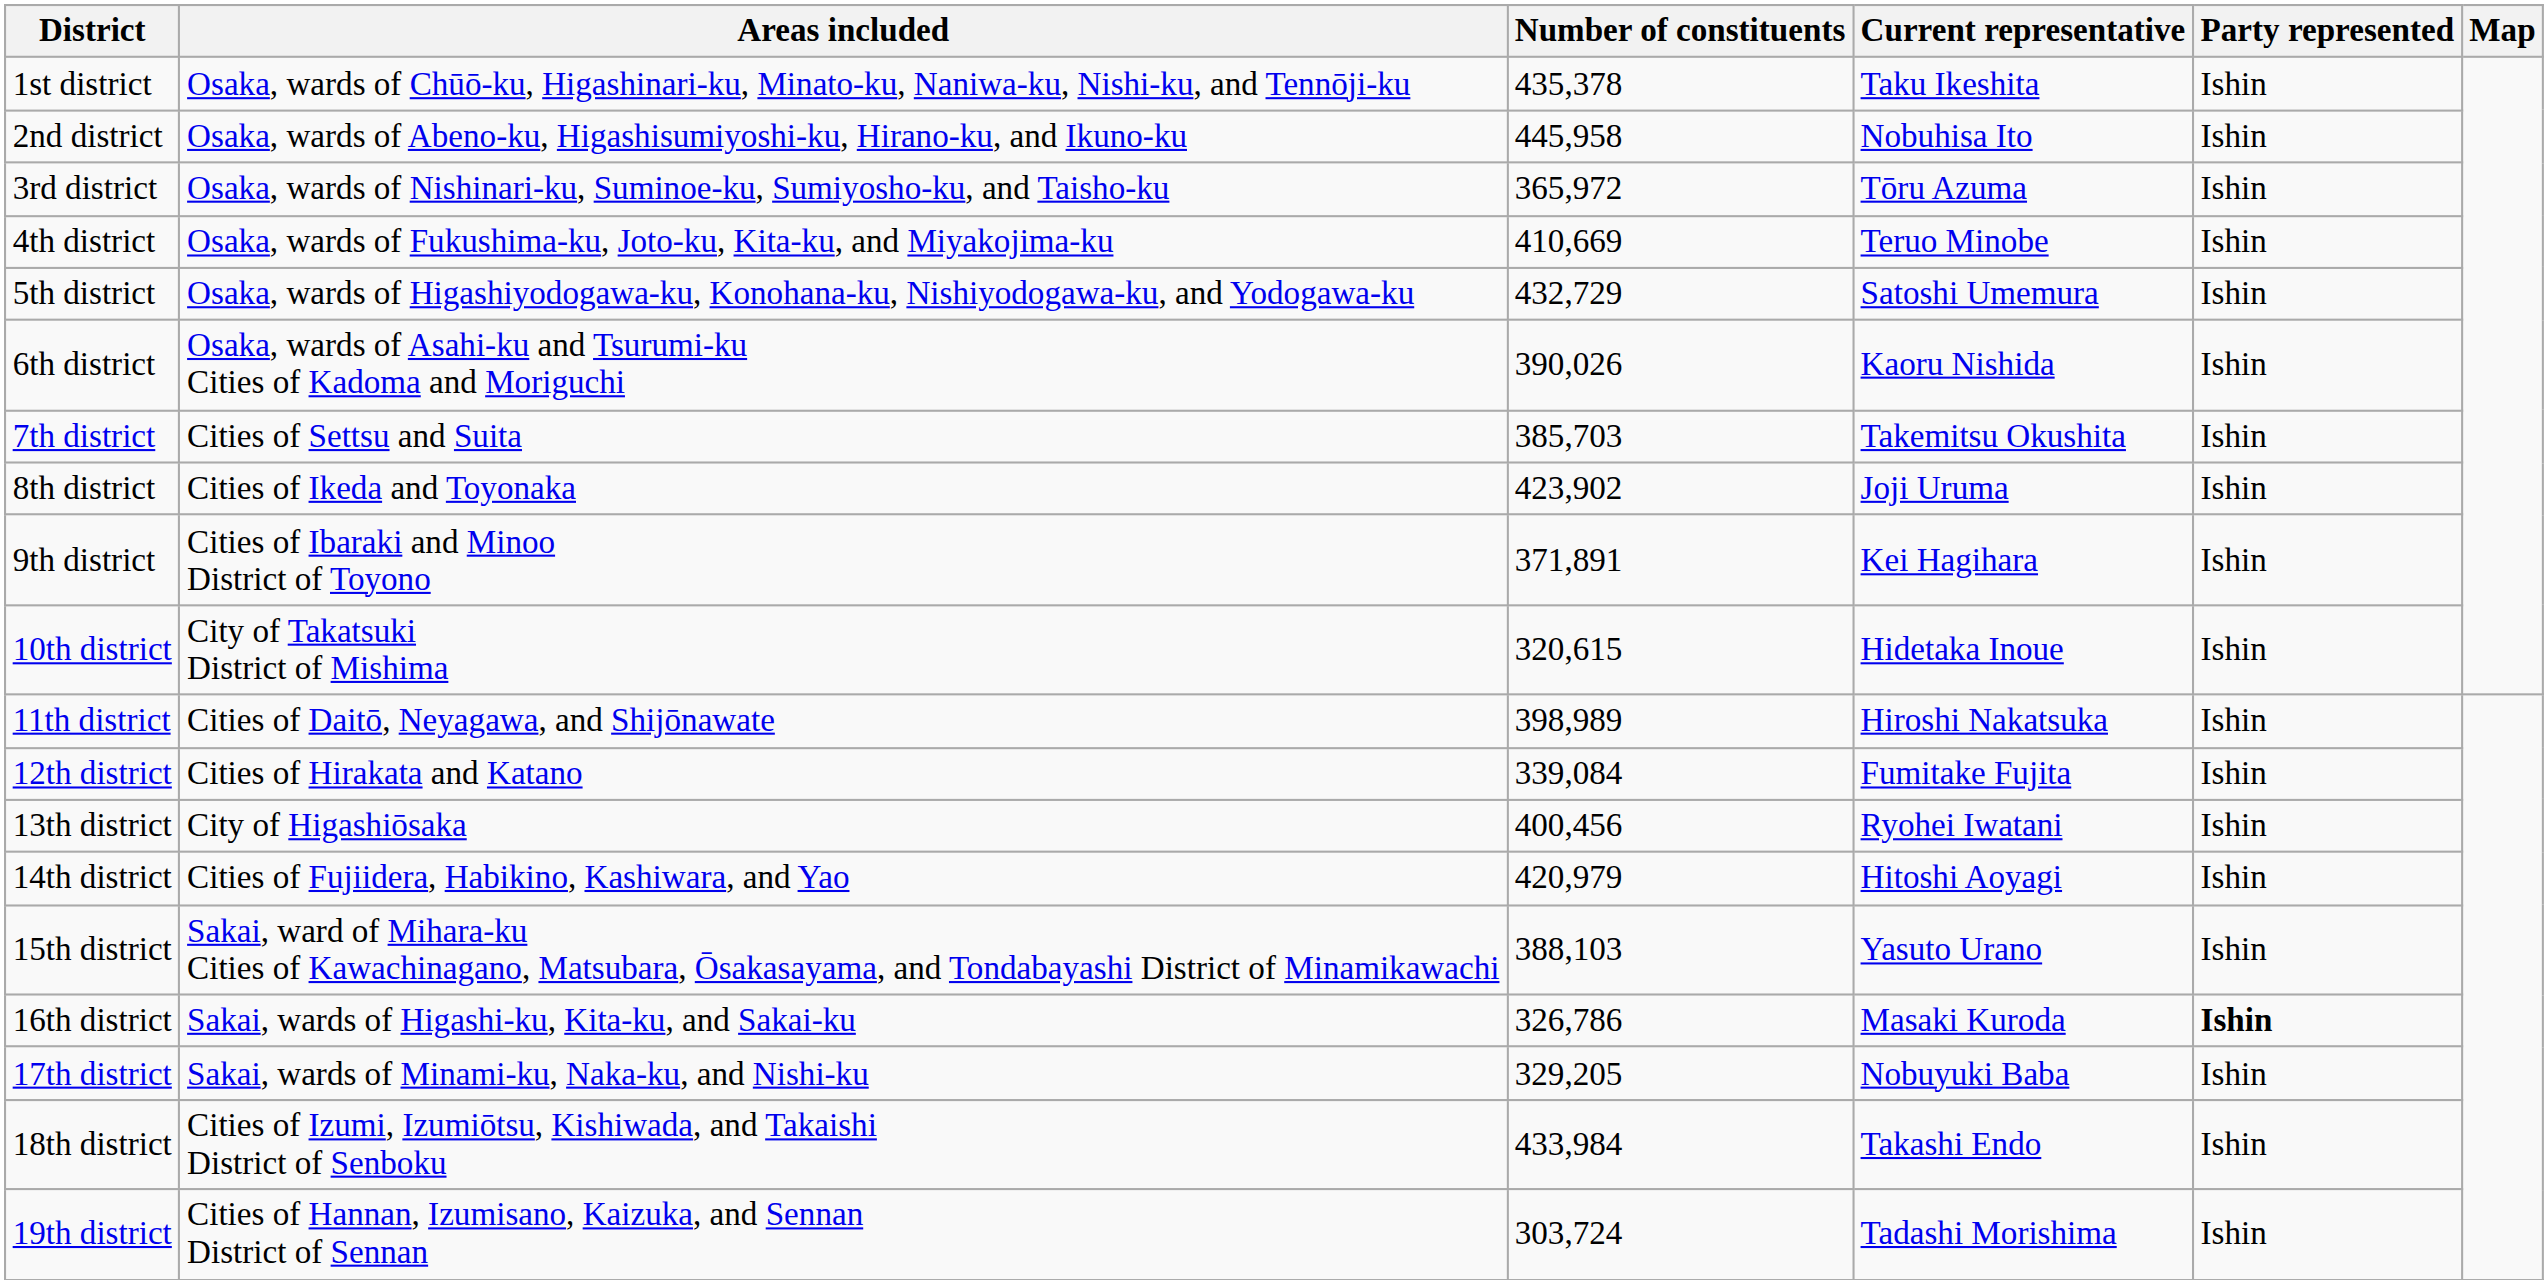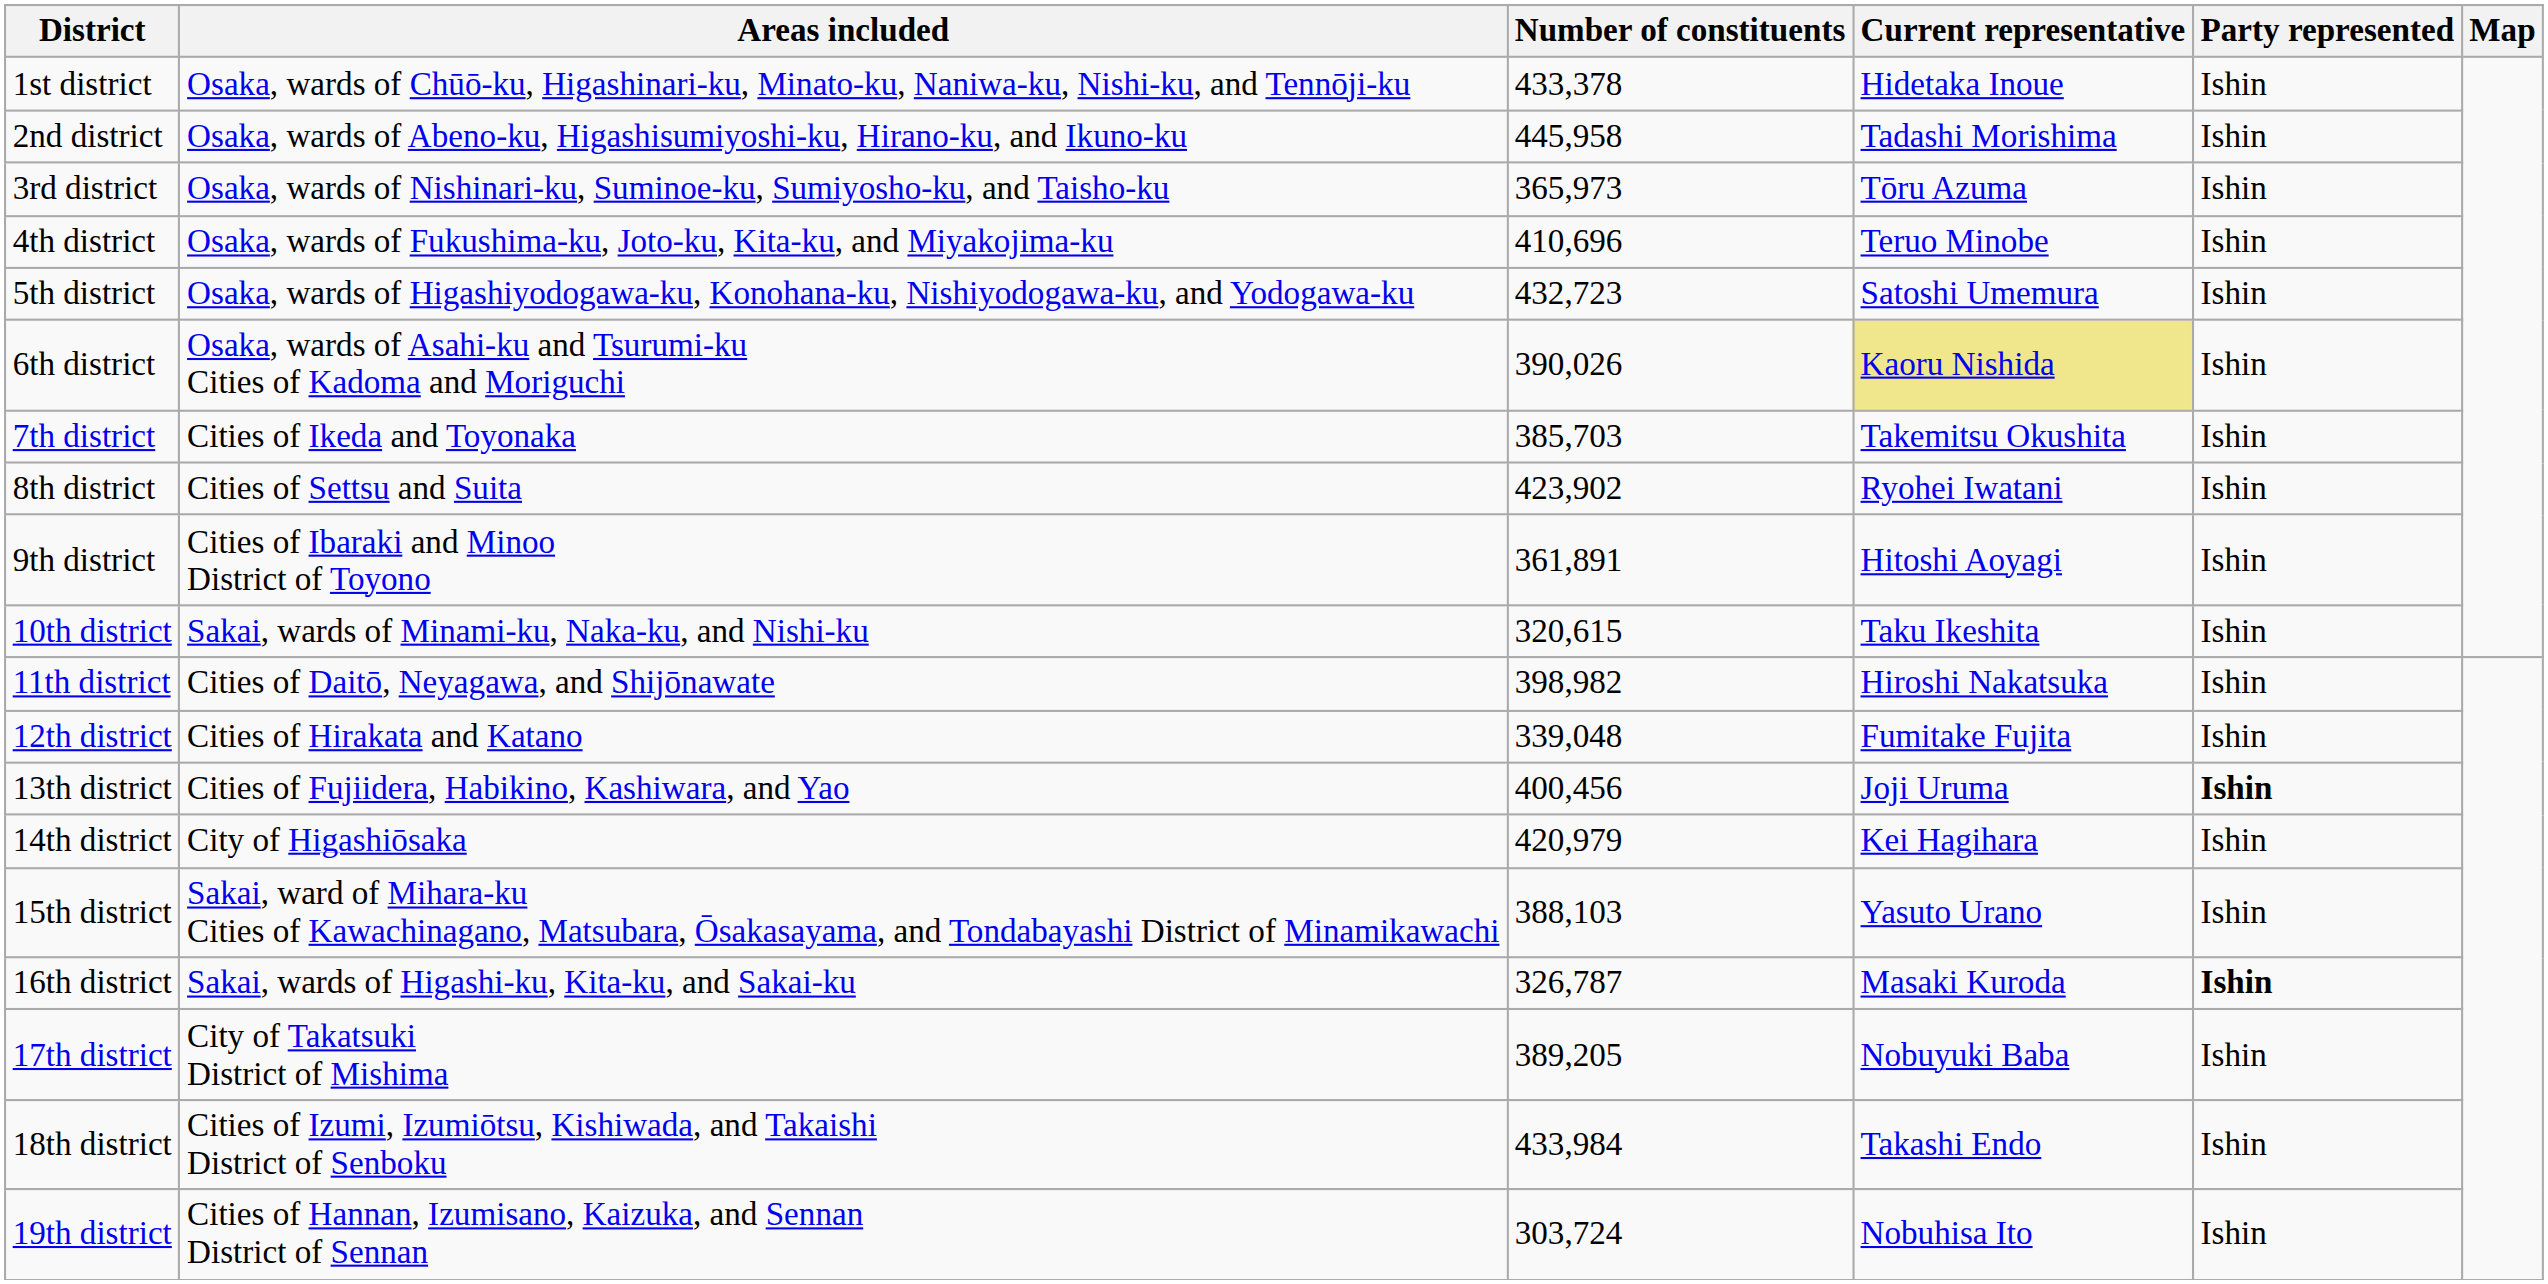 <table class="wikitable">
 <tr>
 <th>District</th>
 <th>Areas included</th>
 <th>Number of constituents</th>
 <th>Current representative</th>
 <th>Party represented</th>
 <th>Map</th>
 </tr>
 <tr>
 <td>1st district</td>
 <td><a href='#'>Osaka</a>, wards of <a href='#'>Chūō-ku</a>, <a href='#'>Higashinari-ku</a>, <a href='#'>Minato-ku</a>, <a href='#'>Naniwa-ku</a>, <a href='#'>Nishi-ku</a>, and <a href='#'>Tennōji-ku</a></td>
-<td>435,378</td>
-<td><a href='#'>Taku Ikeshita</a></td>
+<td>433,378</td>
+<td><a href='#'>Hidetaka Inoue</a></td>
 <td>Ishin</td>
 <td rowspan="10"></td>
 </tr>
 <tr>
 <td>2nd district</td>
 <td><a href='#'>Osaka</a>, wards of <a href='#'>Abeno-ku</a>, <a href='#'>Higashisumiyoshi-ku</a>, <a href='#'>Hirano-ku</a>, and <a href='#'>Ikuno-ku</a></td>
 <td>445,958</td>
-<td><a href='#'>Nobuhisa Ito</a></td>
+<td><a href='#'>Tadashi Morishima</a></td>
 <td>Ishin</td>
 </tr>
 <tr>
 <td>3rd district</td>
 <td><a href='#'>Osaka</a>, wards of <a href='#'>Nishinari-ku</a>, <a href='#'>Suminoe-ku</a>, <a href='#'>Sumiyosho-ku</a>, and <a href='#'>Taisho-ku</a></td>
-<td>365,972</td>
+<td>365,973</td>
 <td><a href='#'>Tōru Azuma</a></td>
 <td>Ishin</td>
 </tr>
 <tr>
 <td>4th district</td>
 <td><a href='#'>Osaka</a>, wards of <a href='#'>Fukushima-ku</a>, <a href='#'>Joto-ku</a>, <a href='#'>Kita-ku</a>, and <a href='#'>Miyakojima-ku</a></td>
-<td>410,669</td>
+<td>410,696</td>
 <td><a href='#'>Teruo Minobe</a></td>
 <td>Ishin</td>
 </tr>
 <tr>
 <td>5th district</td>
 <td><a href='#'>Osaka</a>, wards of <a href='#'>Higashiyodogawa-ku</a>, <a href='#'>Konohana-ku</a>, <a href='#'>Nishiyodogawa-ku</a>, and <a href='#'>Yodogawa-ku</a></td>
-<td>432,729</td>
+<td>432,723</td>
 <td><a href='#'>Satoshi Umemura</a></td>
 <td>Ishin</td>
 </tr>
 <tr>
 <td>6th district</td>
 <td><a href='#'>Osaka</a>, wards of <a href='#'>Asahi-ku</a> and <a href='#'>Tsurumi-ku</a><br>Cities of <a href='#'>Kadoma</a> and <a href='#'>Moriguchi</a></td>
 <td>390,026</td>
-<td><a href='#'>Kaoru Nishida</a></td>
+<td style="background: khaki;"><a href='#'>Kaoru Nishida</a></td>
 <td>Ishin</td>
 </tr>
 <tr>
 <td><a href='#'>7th district</a></td>
-<td>Cities of <a href='#'>Settsu</a> and <a href='#'>Suita</a></td>
+<td>Cities of <a href='#'>Ikeda</a> and <a href='#'>Toyonaka</a></td>
 <td>385,703</td>
 <td><a href='#'>Takemitsu Okushita</a></td>
 <td>Ishin</td>
 </tr>
 <tr>
 <td>8th district</td>
-<td>Cities of <a href='#'>Ikeda</a> and <a href='#'>Toyonaka</a></td>
+<td>Cities of <a href='#'>Settsu</a> and <a href='#'>Suita</a></td>
 <td>423,902</td>
-<td><a href='#'>Joji Uruma</a></td>
+<td><a href='#'>Ryohei Iwatani</a></td>
 <td>Ishin</td>
 </tr>
 <tr>
 <td>9th district</td>
 <td>Cities of <a href='#'>Ibaraki</a> and <a href='#'>Minoo</a><br>District of <a href='#'>Toyono</a></td>
-<td>371,891</td>
-<td><a href='#'>Kei Hagihara</a></td>
+<td>361,891</td>
+<td><a href='#'>Hitoshi Aoyagi</a></td>
 <td>Ishin</td>
 </tr>
 <tr>
 <td><a href='#'>10th district</a></td>
-<td>City of <a href='#'>Takatsuki</a><br>District of <a href='#'>Mishima</a></td>
+<td><a href='#'>Sakai</a>, wards of <a href='#'>Minami-ku</a>, <a href='#'>Naka-ku</a>, and <a href='#'>Nishi-ku</a></td>
 <td>320,615</td>
-<td><a href='#'>Hidetaka Inoue</a></td>
+<td><a href='#'>Taku Ikeshita</a></td>
 <td>Ishin</td>
 </tr>
 <tr>
 <td><a href='#'>11th district</a></td>
 <td>Cities of <a href='#'>Daitō</a>, <a href='#'>Neyagawa</a>, and <a href='#'>Shijōnawate</a></td>
-<td>398,989</td>
+<td>398,982</td>
 <td><a href='#'>Hiroshi Nakatsuka</a></td>
 <td>Ishin</td>
 <td rowspan="9"></td>
 </tr>
 <tr>
 <td><a href='#'>12th district</a></td>
 <td>Cities of <a href='#'>Hirakata</a> and <a href='#'>Katano</a></td>
-<td>339,084</td>
+<td>339,048</td>
 <td><a href='#'>Fumitake Fujita</a></td>
 <td>Ishin</td>
 </tr>
 <tr>
 <td>13th district</td>
-<td>City of <a href='#'>Higashiōsaka</a></td>
+<td>Cities of <a href='#'>Fujiidera</a>, <a href='#'>Habikino</a>, <a href='#'>Kashiwara</a>, and <a href='#'>Yao</a></td>
 <td>400,456</td>
-<td><a href='#'>Ryohei Iwatani</a></td>
-<td>Ishin</td>
+<td><a href='#'>Joji Uruma</a></td>
+<td><strong>Ishin</strong></td>
 </tr>
 <tr>
 <td>14th district</td>
-<td>Cities of <a href='#'>Fujiidera</a>, <a href='#'>Habikino</a>, <a href='#'>Kashiwara</a>, and <a href='#'>Yao</a></td>
+<td>City of <a href='#'>Higashiōsaka</a></td>
 <td>420,979</td>
-<td><a href='#'>Hitoshi Aoyagi</a></td>
+<td><a href='#'>Kei Hagihara</a></td>
 <td>Ishin</td>
 </tr>
 <tr>
 <td>15th district</td>
 <td><a href='#'>Sakai</a>, ward of <a href='#'>Mihara-ku</a><br>Cities of <a href='#'>Kawachinagano</a>, <a href='#'>Matsubara</a>, <a href='#'>Ōsakasayama</a>, and <a href='#'>Tondabayashi</a> District of <a href='#'>Minamikawachi</a></td>
 <td>388,103</td>
 <td><a href='#'>Yasuto Urano</a></td>
 <td>Ishin</td>
 </tr>
 <tr>
 <td>16th district</td>
 <td><a href='#'>Sakai</a>, wards of <a href='#'>Higashi-ku</a>, <a href='#'>Kita-ku</a>, and <a href='#'>Sakai-ku</a></td>
-<td>326,786</td>
+<td>326,787</td>
 <td><a href='#'>Masaki Kuroda</a></td>
 <td><strong>Ishin</strong></td>
 </tr>
 <tr>
 <td><a href='#'>17th district</a></td>
-<td><a href='#'>Sakai</a>, wards of <a href='#'>Minami-ku</a>, <a href='#'>Naka-ku</a>, and <a href='#'>Nishi-ku</a></td>
-<td>329,205</td>
+<td>City of <a href='#'>Takatsuki</a><br>District of <a href='#'>Mishima</a></td>
+<td>389,205</td>
 <td><a href='#'>Nobuyuki Baba</a></td>
 <td>Ishin</td>
 </tr>
 <tr>
 <td>18th district</td>
 <td>Cities of <a href='#'>Izumi</a>, <a href='#'>Izumiōtsu</a>, <a href='#'>Kishiwada</a>, and <a href='#'>Takaishi</a><br>District of <a href='#'>Senboku</a></td>
 <td>433,984</td>
 <td><a href='#'>Takashi Endo</a></td>
 <td>Ishin</td>
 </tr>
 <tr>
 <td><a href='#'>19th district</a></td>
 <td>Cities of <a href='#'>Hannan</a>, <a href='#'>Izumisano</a>, <a href='#'>Kaizuka</a>, and <a href='#'>Sennan</a><br>District of <a href='#'>Sennan</a></td>
 <td>303,724</td>
-<td><a href='#'>Tadashi Morishima</a></td>
+<td><a href='#'>Nobuhisa Ito</a></td>
 <td>Ishin</td>
 </tr>
 <tr>
 </tr>
 </table>
